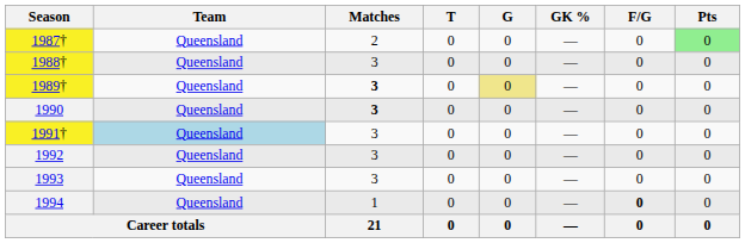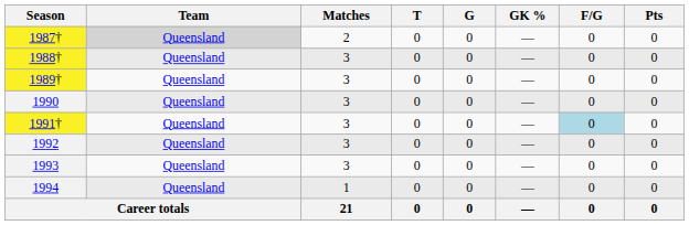 <table class="wikitable sortable"  style="font-size:90%; text-align:center; width:85%;">
 <tr>
 <th width=2%>Season</th>
 <th width=8%>Team</th>
 <th width=2%>Matches</th>
 <th width=2%>T</th>
 <th width=2%>G</th>
 <th width=2%>GK %</th>
 <th width=2%>F/G</th>
 <th width=2%>Pts</th>
 </tr>
 <tr>
 <th scope="row" style="text-align:center;background:#f9f025; font-weight:normal"><a href='#'>1987</a>†</th>
-<td style="text-align:center;"> <a href='#'>Queensland</a></td>
+<td style="background: lightgrey; text-align:center;"> <a href='#'>Queensland</a></td>
 <td>2</td>
 <td>0</td>
 <td>0</td>
 <td>—</td>
 <td>0</td>
-<td style="background: lightgreen;">0</td>
+<td>0</td>
 </tr>
 <tr style="background-color: #EAEAEA">
 <th scope="row" style="text-align:center;background:#f9f025; font-weight:normal"><a href='#'>1988</a>†</th>
 <td style="text-align:center;"> <a href='#'>Queensland</a></td>
 <td>3</td>
 <td>0</td>
 <td>0</td>
 <td>—</td>
 <td>0</td>
 <td>0</td>
 </tr>
 <tr>
 <th scope="row" style="text-align:center;background:#f9f025; font-weight:normal"><a href='#'>1989</a>†</th>
 <td style="text-align:center;"> <a href='#'>Queensland</a></td>
-<td><strong>3</strong></td>
+<td>3</td>
 <td>0</td>
-<td style="background: khaki;">0</td>
+<td>0</td>
 <td>—</td>
 <td>0</td>
 <td>0</td>
 </tr>
 <tr style="background-color: #EAEAEA">
 <th scope="row" style="text-align:center; font-weight:normal"><a href='#'>1990</a></th>
 <td style="text-align:center;"> <a href='#'>Queensland</a></td>
-<td><strong>3</strong></td>
+<td>3</td>
 <td>0</td>
 <td>0</td>
 <td>—</td>
 <td>0</td>
 <td>0</td>
 </tr>
 <tr>
 <th scope="row" style="text-align:center;background:#f9f025; font-weight:normal"><a href='#'>1991</a>†</th>
-<td style="background: lightblue; text-align:center;"> <a href='#'>Queensland</a></td>
+<td style="text-align:center;"> <a href='#'>Queensland</a></td>
 <td>3</td>
 <td>0</td>
 <td>0</td>
 <td>—</td>
-<td>0</td>
+<td style="background: lightblue;">0</td>
 <td>0</td>
 </tr>
 <tr style="background-color: #EAEAEA">
 <th scope="row" style="text-align:center; font-weight:normal"><a href='#'>1992</a></th>
 <td style="text-align:center;"> <a href='#'>Queensland</a></td>
 <td>3</td>
 <td>0</td>
 <td>0</td>
 <td>—</td>
 <td>0</td>
 <td>0</td>
 </tr>
 <tr>
 <th scope="row" style="text-align:center; font-weight:normal"><a href='#'>1993</a></th>
 <td style="text-align:center;"> <a href='#'>Queensland</a></td>
 <td>3</td>
 <td>0</td>
 <td>0</td>
 <td>—</td>
 <td>0</td>
 <td>0</td>
 </tr>
 <tr style="background-color: #EAEAEA">
 <th scope="row" style="text-align:center; font-weight:normal"><a href='#'>1994</a></th>
 <td style="text-align:center;"> <a href='#'>Queensland</a></td>
 <td>1</td>
 <td>0</td>
 <td>0</td>
 <td>—</td>
-<td><strong>0</strong></td>
+<td>0</td>
 <td>0</td>
 </tr>
 <tr class="sortbottom">
 <th colspan=2>Career totals</th>
 <th>21</th>
 <th>0</th>
 <th>0</th>
 <th>—</th>
 <th>0</th>
 <th>0</th>
 </tr>
 </table>
